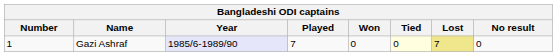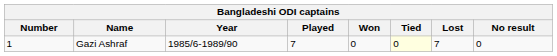 <table class="wikitable" width="70%">
 <tr>
 <th bgcolor="#efefef" colspan=8>Bangladeshi ODI captains</th>
 </tr>
 <tr bgcolor="#efefef">
 <th>Number</th>
 <th>Name</th>
 <th>Year</th>
 <th>Played</th>
 <th>Won</th>
 <th>Tied</th>
 <th>Lost</th>
 <th>No result</th>
 </tr>
 <tr>
 <td>1</td>
 <td>Gazi Ashraf</td>
-<td style="background: lavender;">1985/6-1989/90</td>
+<td>1985/6-1989/90</td>
 <td>7</td>
 <td>0</td>
 <td style="background: lightyellow;">0</td>
-<td style="background: khaki;">7</td>
+<td>7</td>
 <td>0</td>
 </tr>
 </table>
